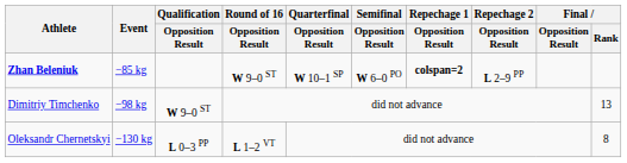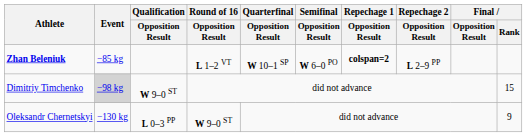 <table class="wikitable" style="font-size:90%">
 <tr>
 <th rowspan=2>Athlete</th>
 <th rowspan=2>Event</th>
 <th>Qualification</th>
 <th>Round of 16</th>
 <th>Quarterfinal</th>
 <th>Semifinal</th>
 <th>Repechage 1</th>
 <th>Repechage 2</th>
 <th colspan=2>Final / </th>
 </tr>
 <tr style="font-size: 95%">
 <th>Opposition<br>Result</th>
 <th>Opposition<br>Result</th>
 <th>Opposition<br>Result</th>
 <th>Opposition<br>Result</th>
 <th>Opposition<br>Result</th>
 <th>Opposition<br>Result</th>
 <th>Opposition<br>Result</th>
 <th>Rank</th>
 </tr>
 <tr align=center>
 <td align=left><strong><a href='#'>Zhan Beleniuk</a></strong></td>
 <td align=left><a href='#'>−85 kg</a></td>
 <td></td>
-<td><br><strong>W</strong> 9–0 <sup>ST</sup></td>
+<td><br><strong>L</strong> 1–2 <sup>VT</sup></td>
 <td><br><strong>W</strong> 10–1 <sup>SP</sup></td>
 <td><br><strong>W</strong> 6–0 <sup>PO</sup></td>
 <td><strong>colspan=2 </strong></td>
 <td><br><strong>L</strong> 2–9 <sup>PP</sup></td>
 <td></td>
 </tr>
 <tr align=center>
 <td align=left><a href='#'>Dimitriy Timchenko</a></td>
-<td align=left><a href='#'>−98 kg</a></td>
+<td align=left style="background: lightgrey;"><a href='#'>−98 kg</a></td>
 <td><br><strong>W</strong> 9–0 <sup>ST</sup></td>
 <td colspan=6>did not advance</td>
-<td>13</td>
+<td>15</td>
 </tr>
 <tr align=center>
 <td align=left><a href='#'>Oleksandr Chernetskyi</a></td>
 <td align=left><a href='#'>−130 kg</a></td>
 <td><br> <strong>L</strong> 0–3 <sup>PP</sup></td>
-<td><br><strong>L</strong> 1–2 <sup>VT</sup></td>
+<td><br><strong>W</strong> 9–0 <sup>ST</sup></td>
 <td colspan=5>did not advance</td>
-<td>8</td>
+<td>9</td>
 </tr>
 </table>
